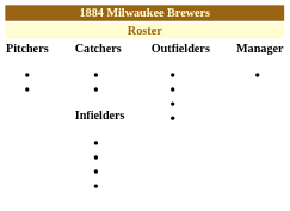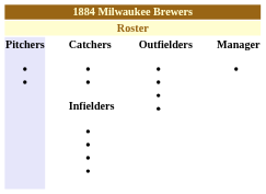 <table class="toccolours" style="font-size: 95%;">
 <tr>
 <th colspan="10" style="background-color: #996515; color: #FFFDD0; text-align: center;">1884 Milwaukee Brewers</th>
 </tr>
 <tr>
 <td colspan="10" style="background-color: #FFFDD0; color: #996515; text-align: center;"><strong>Roster</strong></td>
 </tr>
 <tr>
-<td valign="top"><strong>Pitchers</strong><br><ul><li></li><li></li></ul></td>
+<td valign="top" style="background: lavender;"><strong>Pitchers</strong><br><ul><li></li><li></li></ul></td>
 <td width="25px"></td>
 <td valign="top"><strong>Catchers</strong><br><ul><li></li><li></li></ul><strong>Infielders</strong><ul><li></li><li></li><li></li><li></li></ul></td>
 <td width="25px"></td>
 <td valign="top"><strong>Outfielders</strong><br><ul><li></li><li></li><li></li><li></li></ul></td>
 <td width="25px"></td>
 <td valign="top"><strong>Manager</strong><br><ul><li></li></ul></td>
 </tr>
 </table>
